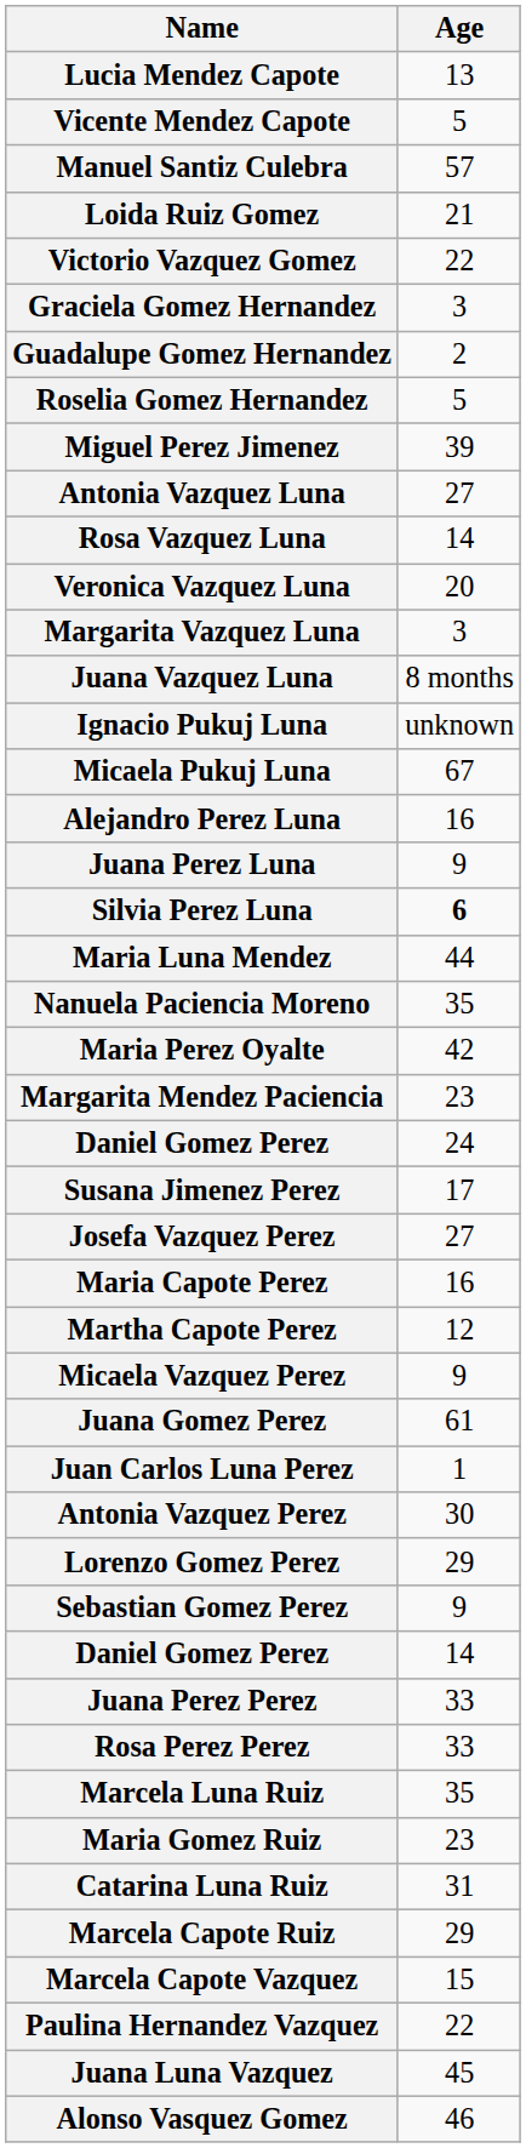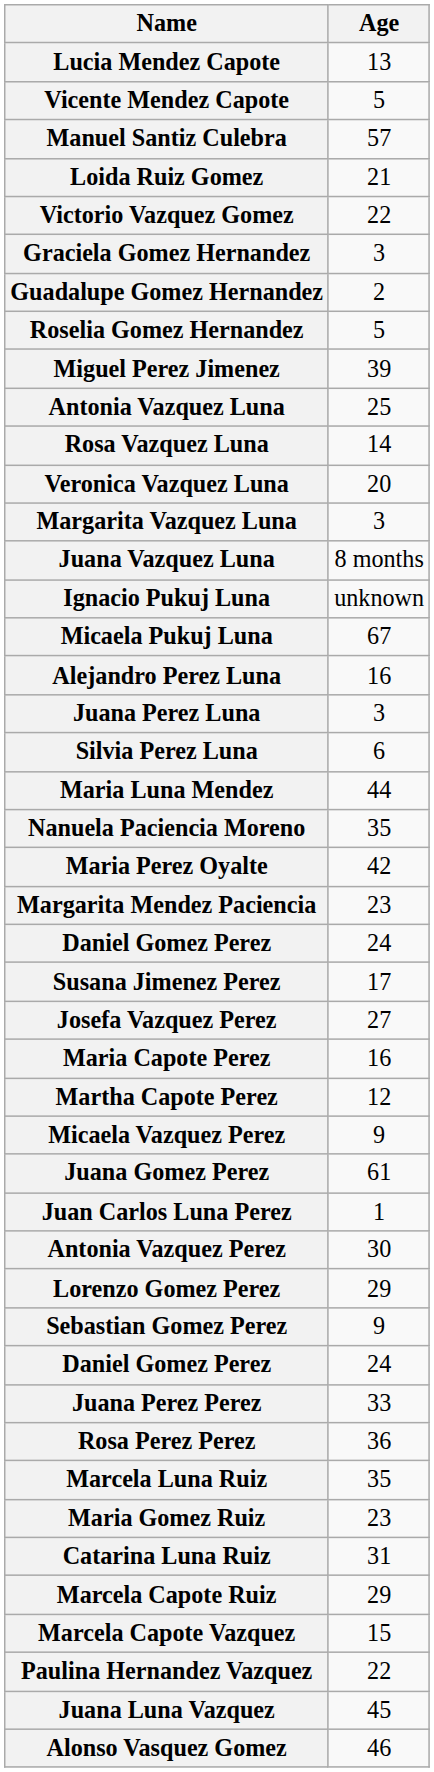 <table class="wikitable" style="text-align:center;">
 <tr>
 <th scope="col">Name</th>
 <th scope="col">Age</th>
 </tr>
 <tr>
 <th scope="row">Lucia Mendez Capote</th>
 <td>13</td>
 </tr>
 <tr>
 <th scope="row">Vicente Mendez Capote</th>
 <td>5</td>
 </tr>
 <tr>
 <th scope="row">Manuel Santiz Culebra</th>
 <td>57</td>
 </tr>
 <tr>
 <th scope="row">Loida Ruiz Gomez</th>
 <td>21</td>
 </tr>
 <tr>
 <th scope="row">Victorio Vazquez Gomez</th>
 <td>22</td>
 </tr>
 <tr>
 <th scope="row">Graciela Gomez Hernandez</th>
 <td>3</td>
 </tr>
 <tr>
 <th scope="row">Guadalupe Gomez Hernandez</th>
 <td>2</td>
 </tr>
 <tr>
 <th scope="row">Roselia Gomez Hernandez</th>
 <td>5</td>
 </tr>
 <tr>
 <th scope="row">Miguel Perez Jimenez</th>
 <td>39</td>
 </tr>
 <tr>
 <th scope="row">Antonia Vazquez Luna</th>
-<td>27</td>
+<td>25</td>
 </tr>
 <tr>
 <th scope="row">Rosa Vazquez Luna</th>
 <td>14</td>
 </tr>
 <tr>
 <th scope="row">Veronica Vazquez Luna</th>
 <td>20</td>
 </tr>
 <tr>
 <th scope="row">Margarita Vazquez Luna</th>
 <td>3</td>
 </tr>
 <tr>
 <th scope="row">Juana Vazquez Luna</th>
 <td>8 months</td>
 </tr>
 <tr>
 <th scope="row">Ignacio Pukuj Luna</th>
 <td>unknown</td>
 </tr>
 <tr>
 <th scope="row">Micaela Pukuj Luna</th>
 <td>67</td>
 </tr>
 <tr>
 <th scope="row">Alejandro Perez Luna</th>
 <td>16</td>
 </tr>
 <tr>
 <th scope="row">Juana Perez Luna</th>
-<td>9</td>
+<td>3</td>
 </tr>
 <tr>
 <th scope="row">Silvia Perez Luna</th>
-<td><strong>6</strong></td>
+<td>6</td>
 </tr>
 <tr>
 <th scope="row">Maria Luna Mendez</th>
 <td>44</td>
 </tr>
 <tr>
 <th scope="row">Nanuela Paciencia Moreno</th>
 <td>35</td>
 </tr>
 <tr>
 <th scope="row">Maria Perez Oyalte</th>
 <td>42</td>
 </tr>
 <tr>
 <th scope="row">Margarita Mendez Paciencia</th>
 <td>23</td>
 </tr>
 <tr>
 <th scope="row">Daniel Gomez Perez</th>
 <td>24</td>
 </tr>
 <tr>
 <th scope="row">Susana Jimenez Perez</th>
 <td>17</td>
 </tr>
 <tr>
 <th scope="row">Josefa Vazquez Perez</th>
 <td>27</td>
 </tr>
 <tr>
 <th scope="row">Maria Capote Perez</th>
 <td>16</td>
 </tr>
 <tr>
 <th scope="row">Martha Capote Perez</th>
 <td>12</td>
 </tr>
 <tr>
 <th scope="row">Micaela Vazquez Perez</th>
 <td>9</td>
 </tr>
 <tr>
 <th scope="row">Juana Gomez Perez</th>
 <td>61</td>
 </tr>
 <tr>
 <th scope="row">Juan Carlos Luna Perez</th>
 <td>1</td>
 </tr>
 <tr>
 <th scope="row">Antonia Vazquez Perez</th>
 <td>30</td>
 </tr>
 <tr>
 <th scope="row">Lorenzo Gomez Perez</th>
 <td>29</td>
 </tr>
 <tr>
 <th scope="row">Sebastian Gomez Perez</th>
 <td>9</td>
 </tr>
 <tr>
 <th scope="row">Daniel Gomez Perez</th>
-<td>14</td>
+<td>24</td>
 </tr>
 <tr>
 <th scope="row">Juana Perez Perez</th>
 <td>33</td>
 </tr>
 <tr>
 <th scope="row">Rosa Perez Perez</th>
-<td>33</td>
+<td>36</td>
 </tr>
 <tr>
 <th scope="row">Marcela Luna Ruiz</th>
 <td>35</td>
 </tr>
 <tr>
 <th scope="row">Maria Gomez Ruiz</th>
 <td>23</td>
 </tr>
 <tr>
 <th scope="row">Catarina Luna Ruiz</th>
 <td>31</td>
 </tr>
 <tr>
 <th scope="row">Marcela Capote Ruiz</th>
 <td>29</td>
 </tr>
 <tr>
 <th scope="row">Marcela Capote Vazquez</th>
 <td>15</td>
 </tr>
 <tr>
 <th scope="row">Paulina Hernandez Vazquez</th>
 <td>22</td>
 </tr>
 <tr>
 <th scope="row">Juana Luna Vazquez</th>
 <td>45</td>
 </tr>
 <tr>
 <th scope="row">Alonso Vasquez Gomez</th>
 <td>46</td>
 </tr>
 </table>
